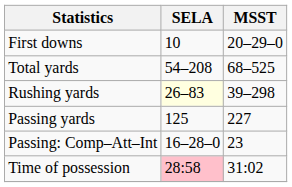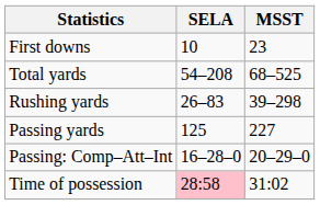 <table class="wikitable" style="float: left;">
 <tr>
 <th>Statistics</th>
 <th>SELA</th>
 <th>MSST</th>
 </tr>
 <tr>
 <td>First downs</td>
 <td>10</td>
-<td>20–29–0</td>
+<td>23</td>
 </tr>
 <tr>
 <td>Total yards</td>
 <td>54–208</td>
 <td>68–525</td>
 </tr>
 <tr>
 <td>Rushing yards</td>
-<td style="background: lightyellow;">26–83</td>
+<td>26–83</td>
 <td>39–298</td>
 </tr>
 <tr>
 <td>Passing yards</td>
 <td>125</td>
 <td>227</td>
 </tr>
 <tr>
 <td>Passing: Comp–Att–Int</td>
 <td>16–28–0</td>
-<td>23</td>
+<td>20–29–0</td>
 </tr>
 <tr>
 <td>Time of possession</td>
 <td style="background: pink;">28:58</td>
 <td>31:02</td>
 </tr>
 <tr>
 </tr>
 </table>
